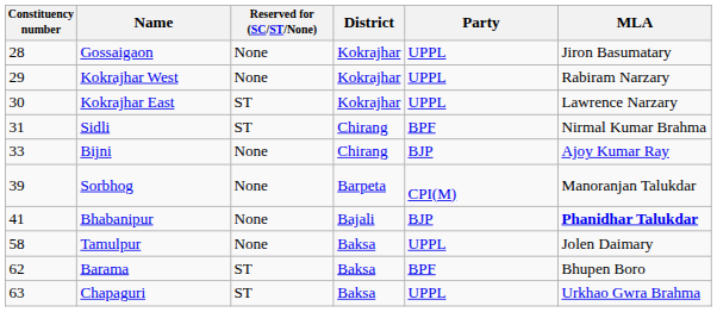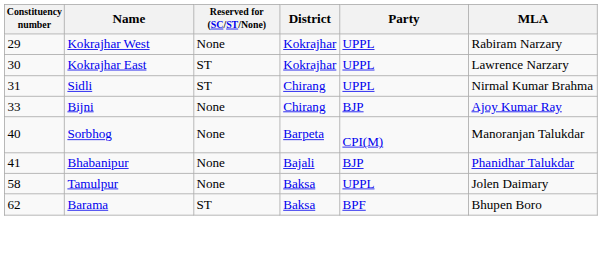 <table class="wikitable sortable">
 <tr>
 <th width="50px" style="font-size:75%">Constituency number</th>
 <th width="150px">Name</th>
 <th width="100px" style="font-size:75%">Reserved for (<a href='#'>SC</a>/<a href='#'>ST</a>/None)</th>
 <th>District</th>
 <th width="150px">Party</th>
 <th width="150px">MLA</th>
-</tr>
-<tr>
-<td>28</td>
-<td><a href='#'>Gossaigaon</a></td>
-<td>None</td>
-<td><a href='#'>Kokrajhar</a></td>
-<td><a href='#'>UPPL</a></td>
-<td>Jiron Basumatary</td>
 </tr>
 <tr>
 <td>29</td>
 <td><a href='#'>Kokrajhar West</a></td>
 <td>None</td>
 <td><a href='#'>Kokrajhar</a></td>
 <td><a href='#'>UPPL</a></td>
 <td>Rabiram Narzary</td>
 </tr>
 <tr>
 <td>30</td>
 <td><a href='#'>Kokrajhar East</a></td>
 <td>ST</td>
 <td><a href='#'>Kokrajhar</a></td>
 <td><a href='#'>UPPL</a></td>
 <td>Lawrence Narzary</td>
 </tr>
 <tr>
 <td>31</td>
 <td><a href='#'>Sidli</a></td>
 <td>ST</td>
 <td><a href='#'>Chirang</a></td>
-<td><a href='#'>BPF</a></td>
+<td><a href='#'>UPPL</a></td>
 <td>Nirmal Kumar Brahma</td>
 </tr>
 <tr>
 <td>33</td>
 <td><a href='#'>Bijni</a></td>
 <td>None</td>
 <td><a href='#'>Chirang</a></td>
 <td><a href='#'>BJP</a></td>
 <td><a href='#'>Ajoy Kumar Ray</a></td>
 </tr>
 <tr>
-<td>39</td>
+<td>40</td>
 <td><a href='#'>Sorbhog</a></td>
 <td>None</td>
 <td><a href='#'>Barpeta</a></td>
 <td><br><a href='#'>CPI(M)</a></td>
 <td>Manoranjan Talukdar</td>
 </tr>
 <tr>
 <td>41</td>
 <td><a href='#'>Bhabanipur</a></td>
 <td>None</td>
 <td><a href='#'>Bajali</a></td>
 <td><a href='#'>BJP</a></td>
-<td><strong><a href='#'>Phanidhar Talukdar</a></strong></td>
+<td><a href='#'>Phanidhar Talukdar</a></td>
 </tr>
 <tr>
 <td>58</td>
 <td><a href='#'>Tamulpur</a></td>
 <td>None</td>
 <td><a href='#'>Baksa</a></td>
 <td><a href='#'>UPPL</a></td>
 <td>Jolen Daimary</td>
 </tr>
 <tr>
 <td>62</td>
 <td><a href='#'>Barama</a></td>
 <td>ST</td>
 <td><a href='#'>Baksa</a></td>
 <td><a href='#'>BPF</a></td>
 <td>Bhupen Boro</td>
 </tr>
-<tr>
-<td>63</td>
-<td><a href='#'>Chapaguri</a></td>
-<td>ST</td>
-<td><a href='#'>Baksa</a></td>
-<td><a href='#'>UPPL</a></td>
-<td><a href='#'>Urkhao Gwra Brahma</a></td>
-</tr>
 </table>
